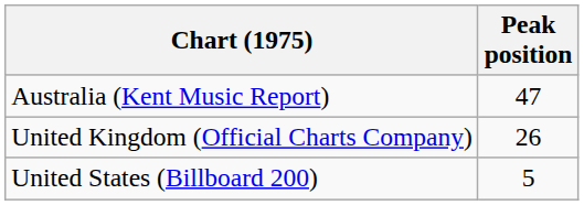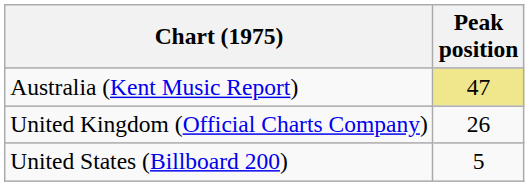 <table class="wikitable">
 <tr>
 <th>Chart (1975)</th>
 <th>Peak<br> position</th>
 </tr>
 <tr>
 <td>Australia (<a href='#'>Kent Music Report</a>)</td>
-<td align="center">47</td>
+<td align="center" style="background: khaki;">47</td>
 </tr>
 <tr>
 <td>United Kingdom (<a href='#'>Official Charts Company</a>)</td>
 <td align="center">26</td>
 </tr>
 <tr>
 <td>United States (<a href='#'>Billboard 200</a>)</td>
 <td align="center">5</td>
 </tr>
 </table>
